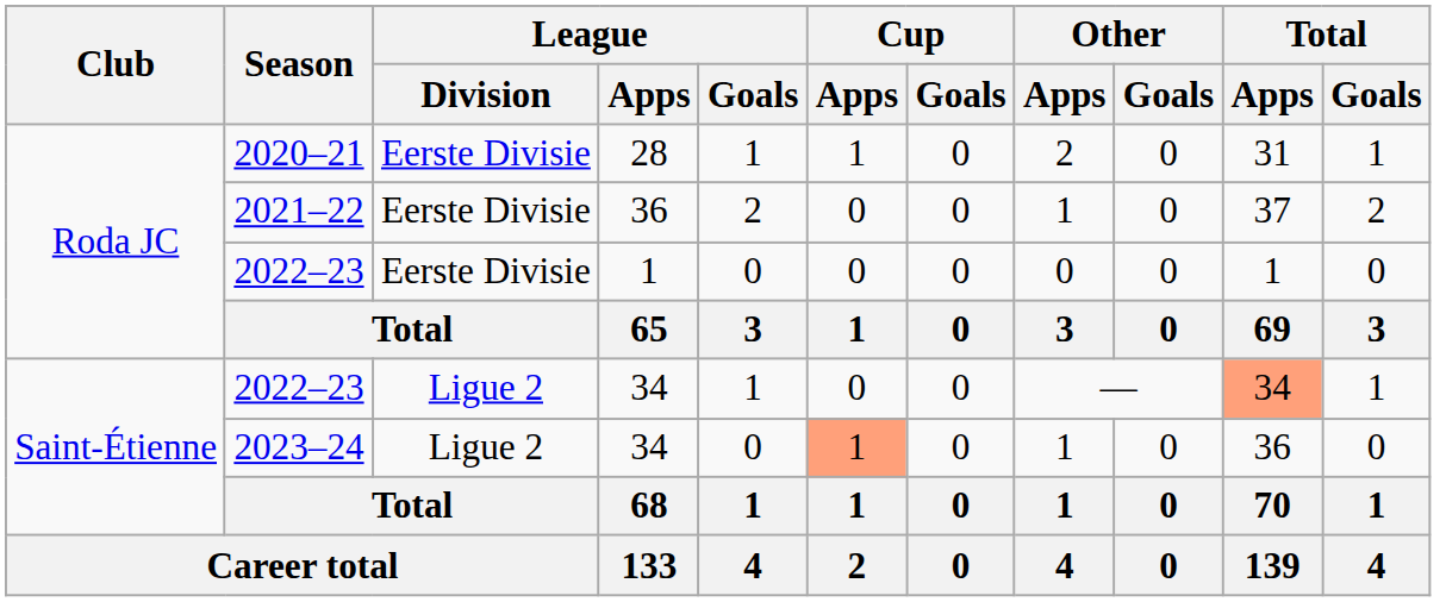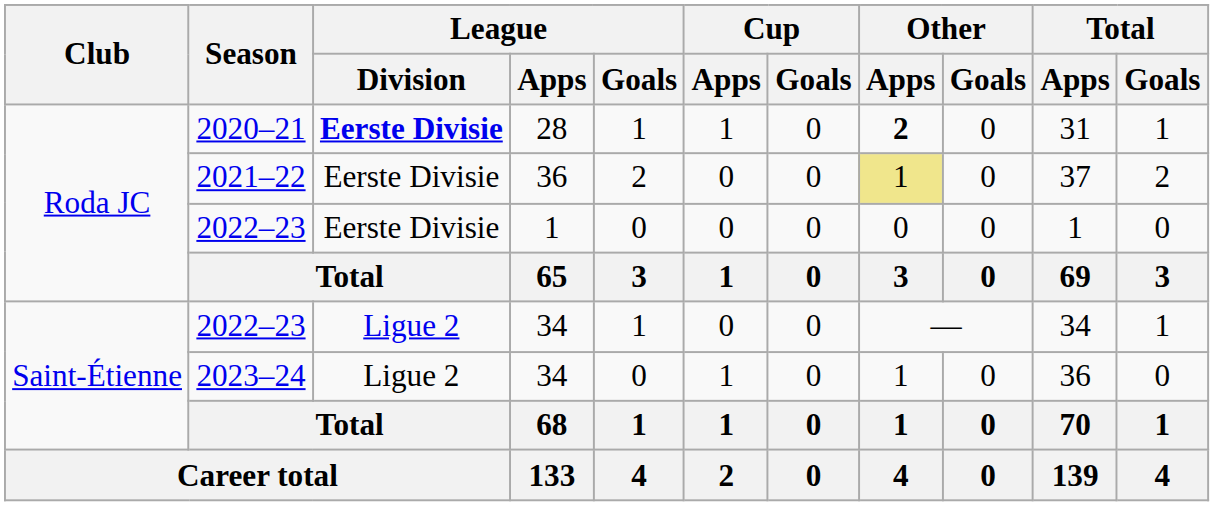 <table class="wikitable" style="text-align: center">
 <tr>
 <th rowspan="2">Club</th>
 <th rowspan="2">Season</th>
 <th colspan="3">League</th>
 <th colspan="2">Cup</th>
 <th colspan="2">Other</th>
 <th colspan="2">Total</th>
 </tr>
 <tr>
 <th>Division</th>
 <th>Apps</th>
 <th>Goals</th>
 <th>Apps</th>
 <th>Goals</th>
 <th>Apps</th>
 <th>Goals</th>
 <th>Apps</th>
 <th>Goals</th>
 </tr>
 <tr>
 <td rowspan="4"><a href='#'>Roda JC</a></td>
 <td><a href='#'>2020–21</a></td>
-<td><a href='#'>Eerste Divisie</a></td>
+<td><strong><a href='#'>Eerste Divisie</a></strong></td>
 <td>28</td>
 <td>1</td>
 <td>1</td>
 <td>0</td>
-<td>2</td>
+<td><strong>2</strong></td>
 <td>0</td>
 <td>31</td>
 <td>1</td>
 </tr>
 <tr>
 <td><a href='#'>2021–22</a></td>
 <td>Eerste Divisie</td>
 <td>36</td>
 <td>2</td>
 <td>0</td>
 <td>0</td>
-<td>1</td>
+<td style="background: khaki;">1</td>
 <td>0</td>
 <td>37</td>
 <td>2</td>
 </tr>
 <tr>
 <td><a href='#'>2022–23</a></td>
 <td>Eerste Divisie</td>
 <td>1</td>
 <td>0</td>
 <td>0</td>
 <td>0</td>
 <td>0</td>
 <td>0</td>
 <td>1</td>
 <td>0</td>
 </tr>
 <tr>
 <th colspan="2">Total</th>
 <th>65</th>
 <th>3</th>
 <th>1</th>
 <th>0</th>
 <th>3</th>
 <th>0</th>
 <th>69</th>
 <th>3</th>
 </tr>
 <tr>
 <td rowspan="3"><a href='#'>Saint-Étienne</a></td>
 <td><a href='#'>2022–23</a></td>
 <td><a href='#'>Ligue 2</a></td>
 <td>34</td>
 <td>1</td>
 <td>0</td>
 <td>0</td>
 <td colspan="2">—</td>
-<td style="background: lightsalmon;">34</td>
+<td>34</td>
 <td>1</td>
 </tr>
 <tr>
 <td><a href='#'>2023–24</a></td>
 <td>Ligue 2</td>
 <td>34</td>
 <td>0</td>
-<td style="background: lightsalmon;">1</td>
+<td>1</td>
 <td>0</td>
 <td>1</td>
 <td>0</td>
 <td>36</td>
 <td>0</td>
 </tr>
 <tr>
 <th colspan="2">Total</th>
 <th>68</th>
 <th>1</th>
 <th>1</th>
 <th>0</th>
 <th>1</th>
 <th>0</th>
 <th>70</th>
 <th>1</th>
 </tr>
 <tr>
 <th colspan="3">Career total</th>
 <th>133</th>
 <th>4</th>
 <th>2</th>
 <th>0</th>
 <th>4</th>
 <th>0</th>
 <th>139</th>
 <th>4</th>
 </tr>
 </table>
